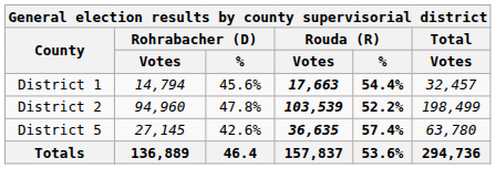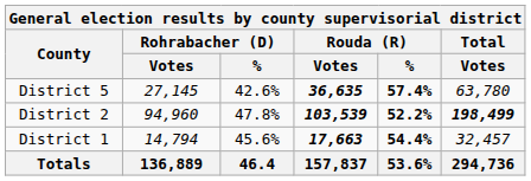 <table class="wikitable sortable" style="text-align:center">
 <tr>
 <th colspan=6>General election results by county supervisorial district</th>
 </tr>
 <tr>
 <th rowspan=2>County</th>
 <th colspan=2>Rohrabacher (D)</th>
 <th colspan=2>Rouda (R)</th>
 <th>Total</th>
 </tr>
 <tr>
 <th>Votes</th>
 <th>%</th>
 <th>Votes</th>
 <th>%</th>
 <th data-sort-type=number>Votes</th>
 </tr>
 <tr style="background-color:">
-<td>District 1</td>
-<td><em>14,794</em></td>
-<td>45.6%</td>
-<td><strong><em>17,663</em></strong></td>
-<td><strong>54.4%</strong></td>
-<td><em>32,457</em></td>
+<td>District 5</td>
+<td><em>27,145</em></td>
+<td>42.6%</td>
+<td><strong><em>36,635</em></strong></td>
+<td><strong>57.4%</strong></td>
+<td><em>63,780</em></td>
 </tr>
 <tr style="background-color:">
 <td>District 2</td>
 <td><em>94,960</em></td>
 <td>47.8%</td>
 <td><strong><em>103,539</em></strong></td>
 <td><strong>52.2%</strong></td>
-<td><em>198,499</em></td>
+<td><strong><em>198,499</em></strong></td>
 </tr>
 <tr style="background-color:">
-<td>District 5</td>
-<td><em>27,145</em></td>
-<td>42.6%</td>
-<td><strong><em>36,635</em></strong></td>
-<td><strong>57.4%</strong></td>
-<td><em>63,780</em></td>
+<td>District 1</td>
+<td><em>14,794</em></td>
+<td>45.6%</td>
+<td><strong><em>17,663</em></strong></td>
+<td><strong>54.4%</strong></td>
+<td><em>32,457</em></td>
 </tr>
 <tr>
 <th>Totals</th>
 <th>136,889</th>
 <th>46.4</th>
 <th>157,837</th>
 <th>53.6%</th>
 <th>294,736</th>
 </tr>
 </table>
